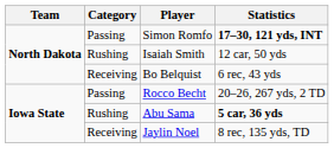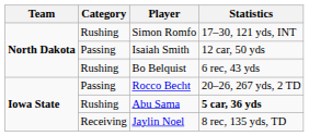 <table class="wikitable" style="float: right;">
 <tr>
 <th>Team</th>
 <th>Category</th>
 <th>Player</th>
 <th>Statistics</th>
 </tr>
 <tr>
 <td rowspan=3><strong>North Dakota</strong></td>
-<td>Passing</td>
+<td>Rushing</td>
 <td>Simon Romfo</td>
-<td><strong>17–30, 121 yds, INT</strong></td>
+<td>17–30, 121 yds, INT</td>
 </tr>
 <tr>
-<td>Rushing</td>
+<td>Passing</td>
 <td>Isaiah Smith</td>
 <td>12 car, 50 yds</td>
 </tr>
 <tr>
-<td>Receiving</td>
+<td>Rushing</td>
 <td>Bo Belquist</td>
 <td>6 rec, 43 yds</td>
 </tr>
 <tr>
 <td rowspan=3><strong>Iowa State</strong></td>
 <td>Passing</td>
 <td><a href='#'>Rocco Becht</a></td>
 <td>20–26, 267 yds, 2 TD</td>
 </tr>
 <tr>
 <td>Rushing</td>
 <td><a href='#'>Abu Sama</a></td>
 <td><strong>5 car, 36 yds</strong></td>
 </tr>
 <tr>
 <td>Receiving</td>
 <td><a href='#'>Jaylin Noel</a></td>
 <td>8 rec, 135 yds, TD</td>
 </tr>
 </table>
